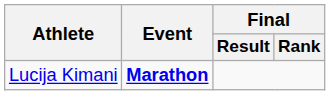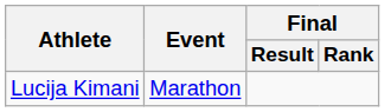 <table class="wikitable" style="font-size:90%">
 <tr>
 <th rowspan="2">Athlete</th>
 <th rowspan="2">Event</th>
 <th colspan="2">Final</th>
 </tr>
 <tr style="font-size:95%">
 <th>Result</th>
 <th>Rank</th>
 </tr>
 <tr align=center>
 <td align=left><a href='#'>Lucija Kimani</a></td>
-<td align=left><strong><a href='#'>Marathon</a></strong></td>
+<td align=left><a href='#'>Marathon</a></td>
 <td colspan=2></td>
 </tr>
 </table>
